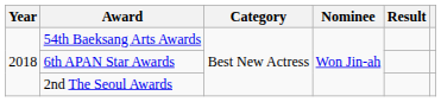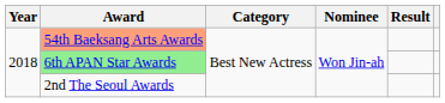 <table class="wikitable sortable">
 <tr>
 <th>Year</th>
 <th>Award</th>
 <th>Category</th>
 <th>Nominee</th>
 <th>Result</th>
 <th></th>
 </tr>
 <tr>
 <td rowspan="3">2018</td>
-<td><a href='#'>54th Baeksang Arts Awards</a></td>
+<td style="background: lightsalmon;"><a href='#'>54th Baeksang Arts Awards</a></td>
 <td rowspan="3">Best New Actress</td>
 <td rowspan="3"><a href='#'>Won Jin-ah</a></td>
 <td></td>
 <td></td>
 </tr>
 <tr>
-<td><a href='#'>6th APAN Star Awards</a></td>
+<td style="background: lightgreen;"><a href='#'>6th APAN Star Awards</a></td>
 <td></td>
 <td></td>
 </tr>
 <tr>
 <td>2nd <a href='#'>The Seoul Awards</a></td>
 <td></td>
 <td></td>
 </tr>
 </table>
